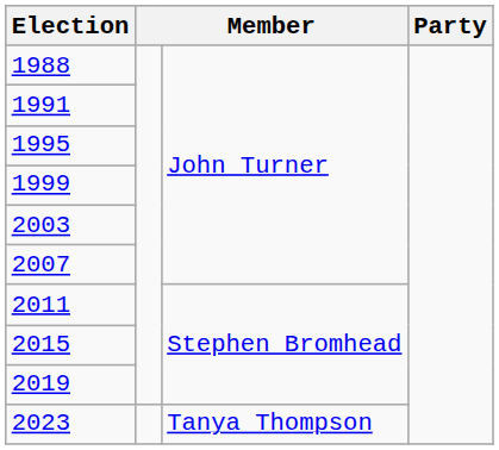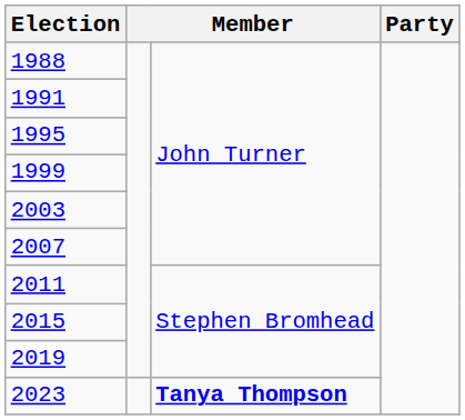 <table class="wikitable">
 <tr>
 <th>Election</th>
 <th colspan="2">Member</th>
 <th>Party</th>
 </tr>
 <tr>
 <td><a href='#'>1988</a></td>
 <td rowspan="9" > </td>
 <td rowspan="6"><a href='#'>John Turner</a></td>
 <td rowspan="10"></td>
 </tr>
 <tr>
 <td><a href='#'>1991</a></td>
 </tr>
 <tr>
 <td><a href='#'>1995</a></td>
 </tr>
 <tr>
 <td><a href='#'>1999</a></td>
 </tr>
 <tr>
 <td><a href='#'>2003</a></td>
 </tr>
 <tr>
 <td><a href='#'>2007</a></td>
 </tr>
 <tr>
 <td><a href='#'>2011</a></td>
 <td rowspan="3"><a href='#'>Stephen Bromhead</a></td>
 </tr>
 <tr>
 <td><a href='#'>2015</a></td>
 </tr>
 <tr>
 <td><a href='#'>2019</a></td>
 </tr>
 <tr>
 <td><a href='#'>2023</a></td>
 <td></td>
-<td><a href='#'>Tanya Thompson</a></td>
+<td><strong><a href='#'>Tanya Thompson</a></strong></td>
 </tr>
 </table>
